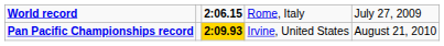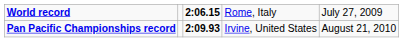 <table class="wikitable">
 <tr>
 <td><strong><a href='#'>World record</a></strong></td>
 <td></td>
 <td><strong>2:06.15</strong></td>
 <td><a href='#'>Rome</a>, Italy</td>
 <td>July 27, 2009</td>
 </tr>
 <tr>
 <td><strong><a href='#'>Pan Pacific Championships record</a></strong></td>
 <td></td>
-<td style="background: gold;"><strong>2:09.93</strong></td>
+<td><strong>2:09.93</strong></td>
 <td><a href='#'>Irvine</a>, United States</td>
 <td>August 21, 2010</td>
 </tr>
 </table>
